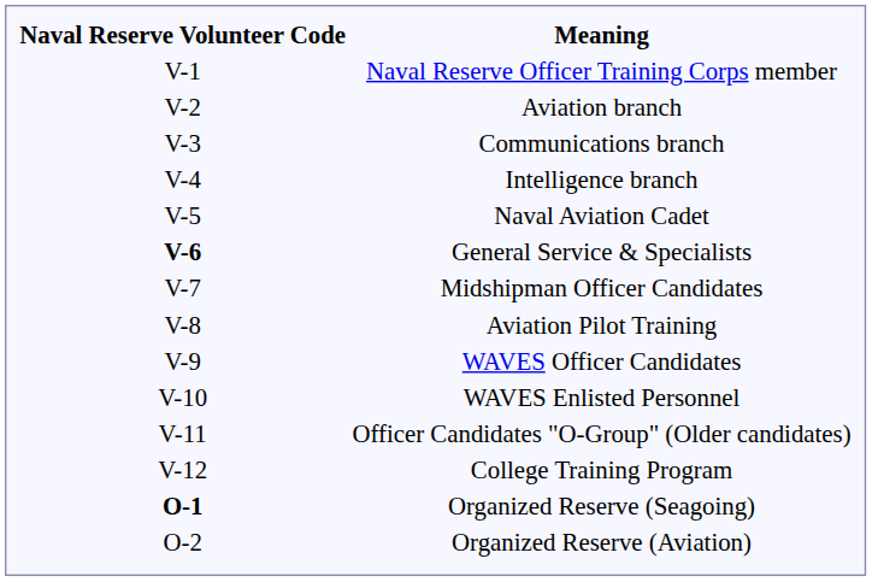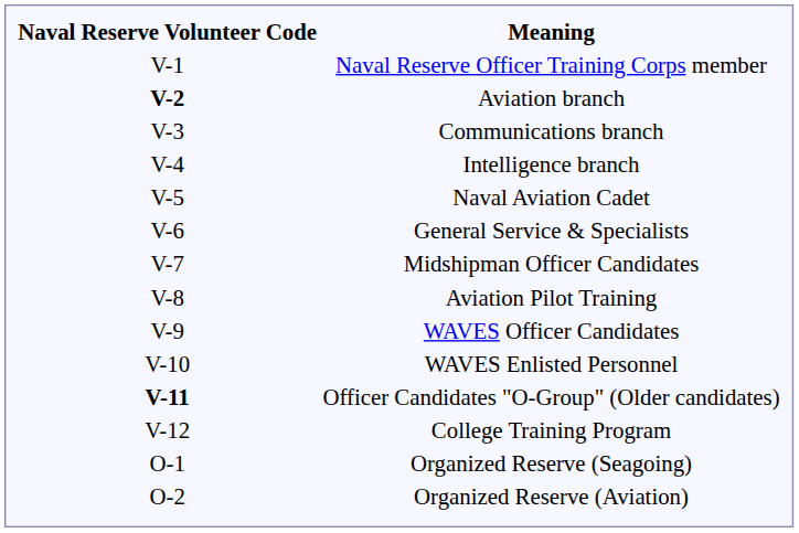 <table style="border:1px solid #8888aa; background-color:#f7f8ff; padding:5px; font-size:95%; margin: 0px 12px 12px 0px;">
 <tr>
 <td align="center"><strong>Naval Reserve Volunteer Code</strong></td>
 <td align="center"><strong>Meaning</strong></td>
 </tr>
 <tr>
 <td align="center">V-1</td>
 <td align="center"><a href='#'>Naval Reserve Officer Training Corps</a> member</td>
 </tr>
 <tr>
-<td align="center">V-2</td>
+<td align="center"><strong>V-2</strong></td>
 <td align="center">Aviation branch</td>
 </tr>
 <tr>
 <td align="center">V-3</td>
 <td align="center">Communications branch</td>
 </tr>
 <tr>
 <td align="center">V-4</td>
 <td align="center">Intelligence branch</td>
 </tr>
 <tr>
 <td align="center">V-5</td>
 <td align="center">Naval Aviation Cadet</td>
 </tr>
 <tr>
-<td align="center"><strong>V-6</strong></td>
+<td align="center">V-6</td>
 <td align="center">General Service & Specialists</td>
 </tr>
 <tr>
 <td align="center">V-7</td>
 <td align="center">Midshipman Officer Candidates</td>
 </tr>
 <tr>
 <td align="center">V-8</td>
 <td align="center">Aviation Pilot Training</td>
 </tr>
 <tr>
 <td align="center">V-9</td>
 <td align="center"><a href='#'>WAVES</a> Officer Candidates</td>
 </tr>
 <tr>
 <td align="center">V-10</td>
 <td align="center">WAVES Enlisted Personnel</td>
 </tr>
 <tr>
-<td align="center">V-11</td>
+<td align="center"><strong>V-11</strong></td>
 <td align="center">Officer Candidates "O-Group" (Older candidates)</td>
 </tr>
 <tr>
 <td align="center">V-12</td>
 <td align="center">College Training Program</td>
 </tr>
 <tr>
-<td align="center"><strong>O-1</strong></td>
+<td align="center">O-1</td>
 <td align="center">Organized Reserve (Seagoing)</td>
 </tr>
 <tr>
 <td align="center">O-2</td>
 <td align="center">Organized Reserve (Aviation)</td>
 </tr>
 <tr>
 </tr>
 </table>
